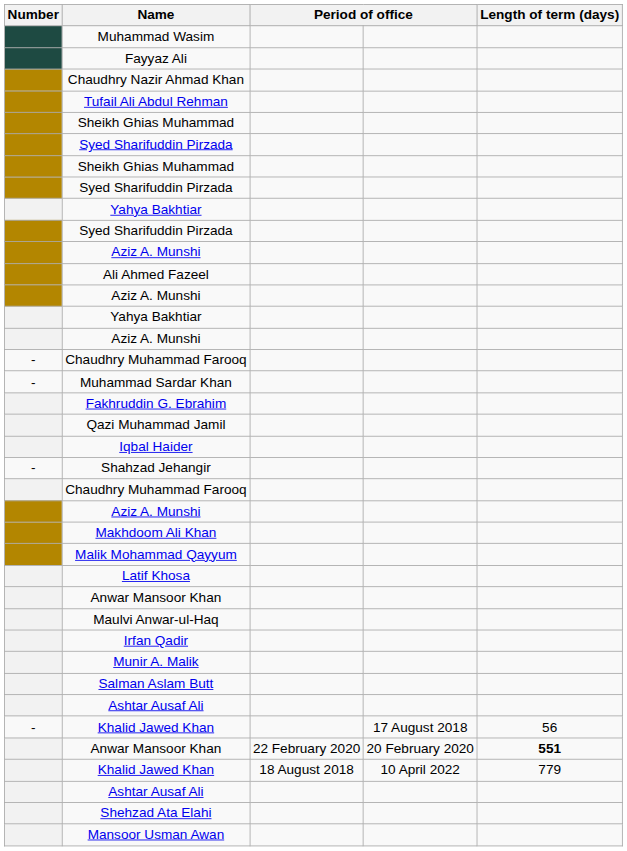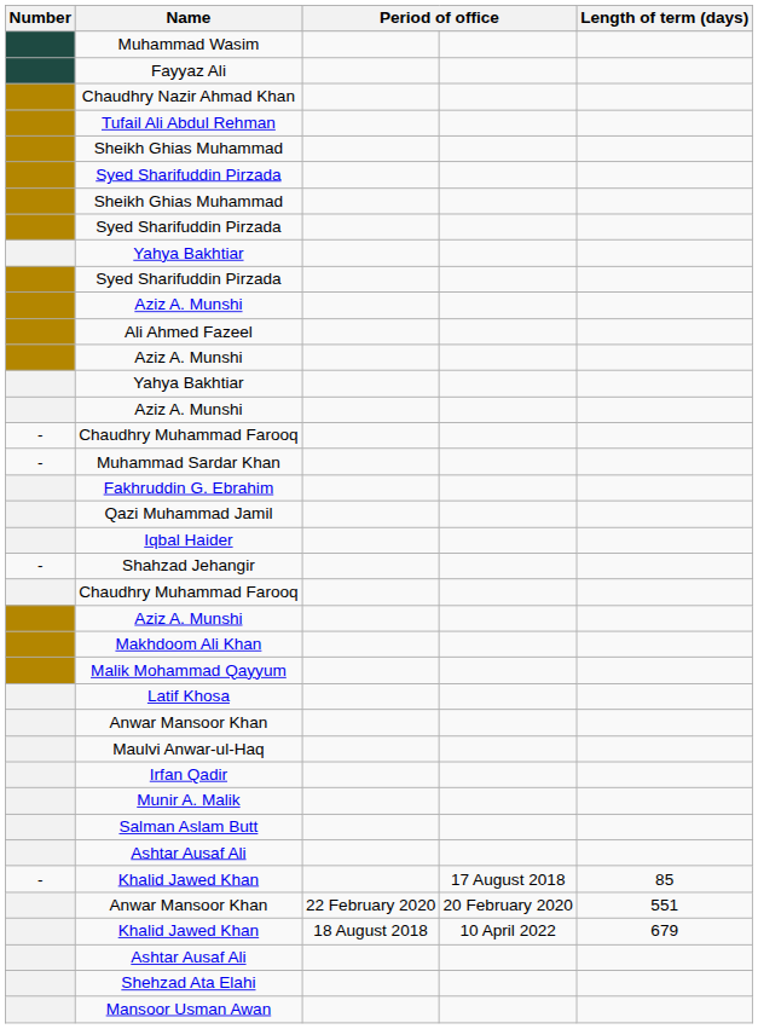 <table class="sortable wikitable ">
 <tr style="background:#B5B5B5">
 <th>Number</th>
 <th class="unsortable">Name</th>
 <th class="unsortable" colspan="2">Period of office</th>
 <th>Length of term (days)</th>
 </tr>
 <tr align="center">
 <td style="background: #1e4a42;"></td>
 <td>Muhammad Wasim</td>
 <td></td>
 <td></td>
 <td></td>
 </tr>
 <tr align="center">
 <td style="background: #1e4a42;"></td>
 <td>Fayyaz Ali</td>
 <td></td>
 <td></td>
 <td></td>
 </tr>
 <tr align="center">
 <th style="background: #b38600;"></th>
 <td>Chaudhry Nazir Ahmad Khan</td>
 <td></td>
 <td></td>
 <td></td>
 </tr>
 <tr align="center">
 <th style="background: #b38600;"></th>
 <td><a href='#'>Tufail Ali Abdul Rehman</a></td>
 <td></td>
 <td></td>
 <td></td>
 </tr>
 <tr align="center">
 <th style="background: #b38600;"></th>
 <td>Sheikh Ghias Muhammad</td>
 <td></td>
 <td></td>
 <td></td>
 </tr>
 <tr align="center">
 <th style="background: #b38600;"></th>
 <td><a href='#'>Syed Sharifuddin Pirzada</a></td>
 <td></td>
 <td></td>
 <td></td>
 </tr>
 <tr align="center">
 <th style="background: #b38600;"></th>
 <td>Sheikh Ghias Muhammad</td>
 <td></td>
 <td></td>
 <td></td>
 </tr>
 <tr align="center">
 <th style="background: #b38600;"></th>
 <td>Syed Sharifuddin Pirzada</td>
 <td></td>
 <td></td>
 <td></td>
 </tr>
 <tr align="center">
 <th style="background: "></th>
 <td><a href='#'>Yahya Bakhtiar</a></td>
 <td></td>
 <td></td>
 <td></td>
 </tr>
 <tr align="center">
 <th style="background: #b38600;"></th>
 <td>Syed Sharifuddin Pirzada</td>
 <td></td>
 <td></td>
 <td></td>
 </tr>
 <tr align="center">
 <th style="background: #b38600;"></th>
 <td><a href='#'>Aziz A. Munshi</a></td>
 <td></td>
 <td></td>
 <td></td>
 </tr>
 <tr align="center">
 <th style="background: #b38600;"></th>
 <td>Ali Ahmed Fazeel</td>
 <td></td>
 <td></td>
 <td></td>
 </tr>
 <tr align="center">
 <th style="background: #b38600;"></th>
 <td>Aziz A. Munshi</td>
 <td></td>
 <td></td>
 <td></td>
 </tr>
 <tr align="center">
 <th style="background: "></th>
 <td>Yahya Bakhtiar</td>
 <td></td>
 <td></td>
 <td></td>
 </tr>
 <tr align="center">
 <th style="background: "></th>
 <td>Aziz A. Munshi</td>
 <td></td>
 <td></td>
 <td></td>
 </tr>
 <tr align="center">
 <td>-</td>
 <td>Chaudhry Muhammad Farooq</td>
 <td></td>
 <td></td>
 <td></td>
 </tr>
 <tr align="center">
 <td>-</td>
 <td>Muhammad Sardar Khan</td>
 <td></td>
 <td></td>
 <td></td>
 </tr>
 <tr align="center">
 <th style="background: "></th>
 <td><a href='#'>Fakhruddin G. Ebrahim</a></td>
 <td></td>
 <td></td>
 <td></td>
 </tr>
 <tr align="center">
 <th style="background: "></th>
 <td>Qazi Muhammad Jamil</td>
 <td></td>
 <td></td>
 <td></td>
 </tr>
 <tr align="center">
 <th style="background: "></th>
 <td><a href='#'>Iqbal Haider</a></td>
 <td></td>
 <td></td>
 <td></td>
 </tr>
 <tr align="center">
 <td>-</td>
 <td>Shahzad Jehangir</td>
 <td></td>
 <td></td>
 <td></td>
 </tr>
 <tr align="center">
 <th style="background: "></th>
 <td>Chaudhry Muhammad Farooq</td>
 <td></td>
 <td></td>
 <td></td>
 </tr>
 <tr align="center">
 <th style="background: #b38600;"></th>
 <td><a href='#'>Aziz A. Munshi</a></td>
 <td></td>
 <td></td>
 <td></td>
 </tr>
 <tr align="center">
 <th style="background: #b38600;"></th>
 <td><a href='#'>Makhdoom Ali Khan</a></td>
 <td></td>
 <td></td>
 <td></td>
 </tr>
 <tr align="center">
 <th style="background:#b38600;"></th>
 <td><a href='#'>Malik Mohammad Qayyum</a></td>
 <td></td>
 <td></td>
 <td></td>
 </tr>
 <tr align="center">
 <th style="background: "></th>
 <td><a href='#'>Latif Khosa</a></td>
 <td></td>
 <td></td>
 <td></td>
 </tr>
 <tr align="center">
 <th style="background: "></th>
 <td>Anwar Mansoor Khan</td>
 <td></td>
 <td></td>
 <td></td>
 </tr>
 <tr align="center">
 <th style="background: "></th>
 <td>Maulvi Anwar-ul-Haq</td>
 <td></td>
 <td></td>
 <td></td>
 </tr>
 <tr align="center">
 <th style="background: "></th>
 <td><a href='#'>Irfan Qadir</a></td>
 <td></td>
 <td></td>
 <td></td>
 </tr>
 <tr align="center">
 <th style="background: "></th>
 <td><a href='#'>Munir A. Malik</a></td>
 <td></td>
 <td></td>
 <td></td>
 </tr>
 <tr align="center">
 <th style="background: "></th>
 <td><a href='#'>Salman Aslam Butt</a></td>
 <td></td>
 <td></td>
 <td></td>
 </tr>
 <tr align="center">
 <th style="background: "></th>
 <td><a href='#'>Ashtar Ausaf Ali</a></td>
 <td></td>
 <td></td>
 <td></td>
 </tr>
 <tr align="center">
 <td>-</td>
 <td><a href='#'>Khalid Jawed Khan</a></td>
 <td></td>
 <td>17 August 2018</td>
-<td>56</td>
+<td>85</td>
 </tr>
 <tr align="center">
 <th style="background: "></th>
 <td>Anwar Mansoor Khan</td>
 <td>22 February 2020</td>
 <td>20 February 2020</td>
-<td><strong>551</strong></td>
+<td>551</td>
 </tr>
 <tr align="center">
 <th style="background: "></th>
 <td><a href='#'>Khalid Jawed Khan</a></td>
 <td>18 August 2018</td>
 <td>10 April 2022</td>
-<td>779</td>
+<td>679</td>
 </tr>
 <tr align="center">
 <th style="background: "></th>
 <td><a href='#'>Ashtar Ausaf Ali</a></td>
 <td></td>
 <td></td>
 <td></td>
 </tr>
 <tr align="center">
 <th style="background: "></th>
 <td><a href='#'>Shehzad Ata Elahi</a></td>
 <td></td>
 <td></td>
 <td></td>
 </tr>
 <tr align="center">
 <th style="background: "></th>
 <td><a href='#'>Mansoor Usman Awan</a></td>
 <td></td>
 <td></td>
 <td></td>
 </tr>
 </table>
